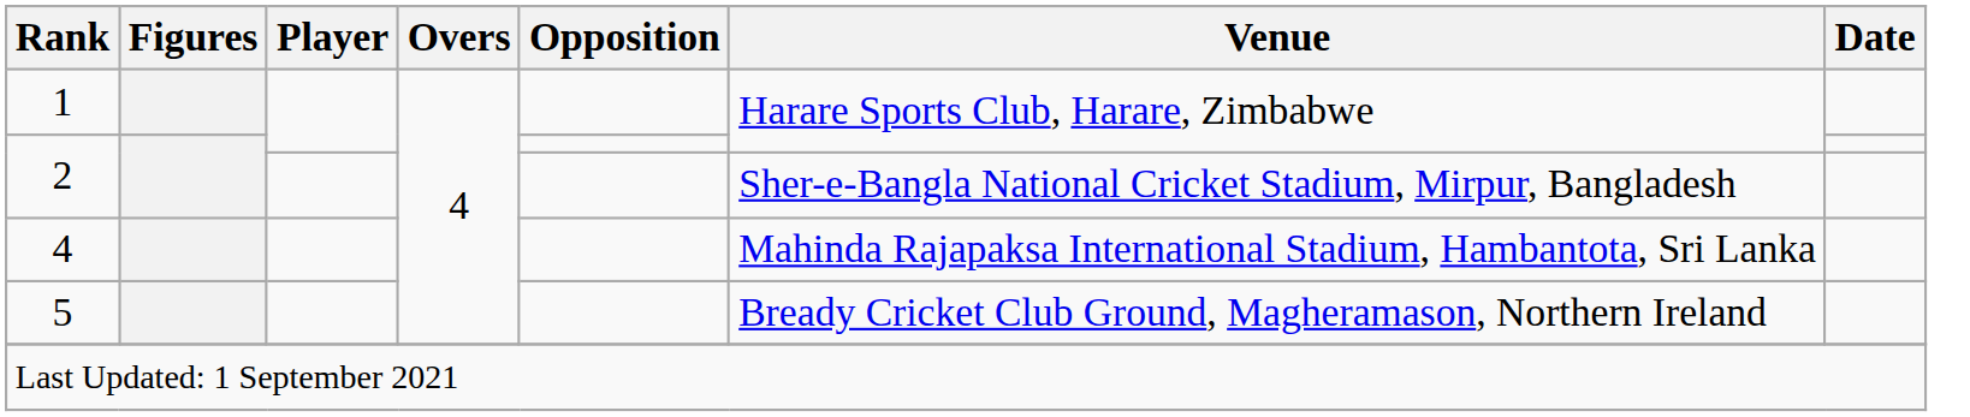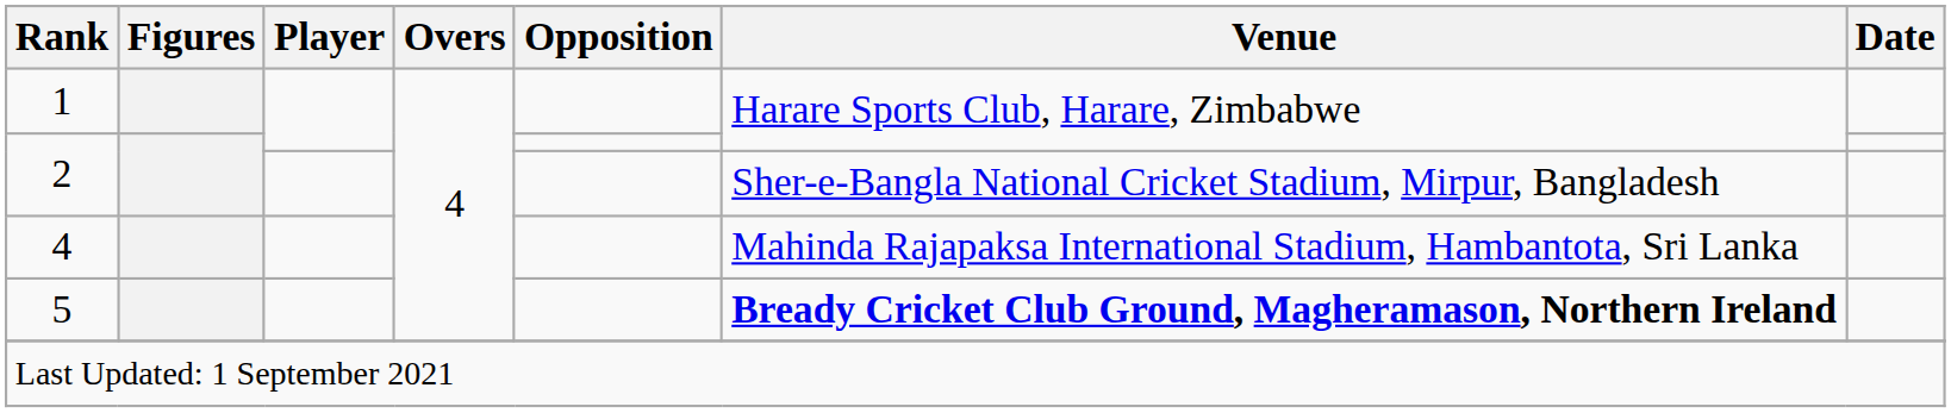 <table class="wikitable plainrowheaders sortable">
 <tr>
 <th scope=col>Rank</th>
 <th scope=col>Figures</th>
 <th scope=col>Player</th>
 <th scope=col>Overs</th>
 <th scope=col>Opposition</th>
 <th scope=col>Venue</th>
 <th scope=col>Date</th>
 </tr>
 <tr>
 <td align=center>1</td>
 <th scope=row style=text-align:center;></th>
 <td rowspan=2></td>
 <td align=center rowspan=5>4</td>
 <td></td>
 <td rowspan=2><a href='#'>Harare Sports Club</a>, <a href='#'>Harare</a>, Zimbabwe</td>
 <td></td>
 </tr>
 <tr>
 <td align=center rowspan=2>2</td>
 <th scope=row style=text-align:center; rowspan=2></th>
 <td></td>
 <td></td>
 </tr>
 <tr>
 <td></td>
 <td></td>
 <td><a href='#'>Sher-e-Bangla National Cricket Stadium</a>, <a href='#'>Mirpur</a>, Bangladesh</td>
 <td></td>
 </tr>
 <tr>
 <td align=center>4</td>
 <th scope=row style=text-align:center;></th>
 <td></td>
 <td></td>
 <td><a href='#'>Mahinda Rajapaksa International Stadium</a>, <a href='#'>Hambantota</a>, Sri Lanka</td>
 <td> </td>
 </tr>
 <tr>
 <td align=center>5</td>
 <th scope=row style=text-align:center;></th>
 <td> </td>
 <td></td>
-<td><a href='#'>Bready Cricket Club Ground</a>, <a href='#'>Magheramason</a>, Northern Ireland</td>
+<td><strong><a href='#'>Bready Cricket Club Ground</a>, <a href='#'>Magheramason</a>, Northern Ireland</strong></td>
 <td></td>
 </tr>
 <tr>
 </tr>
 <tr class=sortbottom>
 <td colspan=7><small>Last Updated: 1 September 2021</small></td>
 </tr>
 </table>
